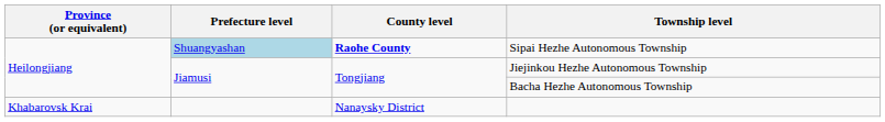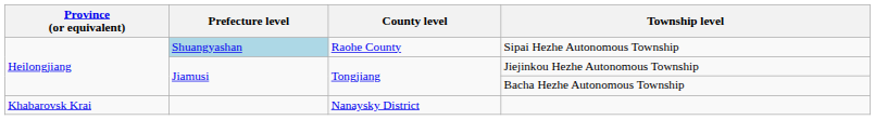 <table class="wikitable" style="margin:auto;width:90%;">
 <tr>
 <th><a href='#'>Province</a> <br>(or equivalent)</th>
 <th>Prefecture level</th>
 <th>County level</th>
 <th>Township level</th>
 </tr>
 <tr>
 <td rowspan="3"><a href='#'>Heilongjiang</a></td>
 <td style="background: lightblue;"><a href='#'>Shuangyashan</a></td>
-<td><strong><a href='#'>Raohe County</a></strong></td>
+<td><a href='#'>Raohe County</a></td>
 <td>Sipai Hezhe Autonomous Township<br></td>
 </tr>
 <tr>
 <td rowspan="2"><a href='#'>Jiamusi</a></td>
 <td rowspan="2"><a href='#'>Tongjiang</a></td>
 <td>Jiejinkou Hezhe Autonomous Township<br></td>
 </tr>
 <tr>
 <td>Bacha Hezhe Autonomous Township<br></td>
 </tr>
 <tr>
 <td><a href='#'>Khabarovsk Krai</a></td>
 <td></td>
 <td><a href='#'>Nanaysky District</a> <br></td>
 <td></td>
 </tr>
 </table>
